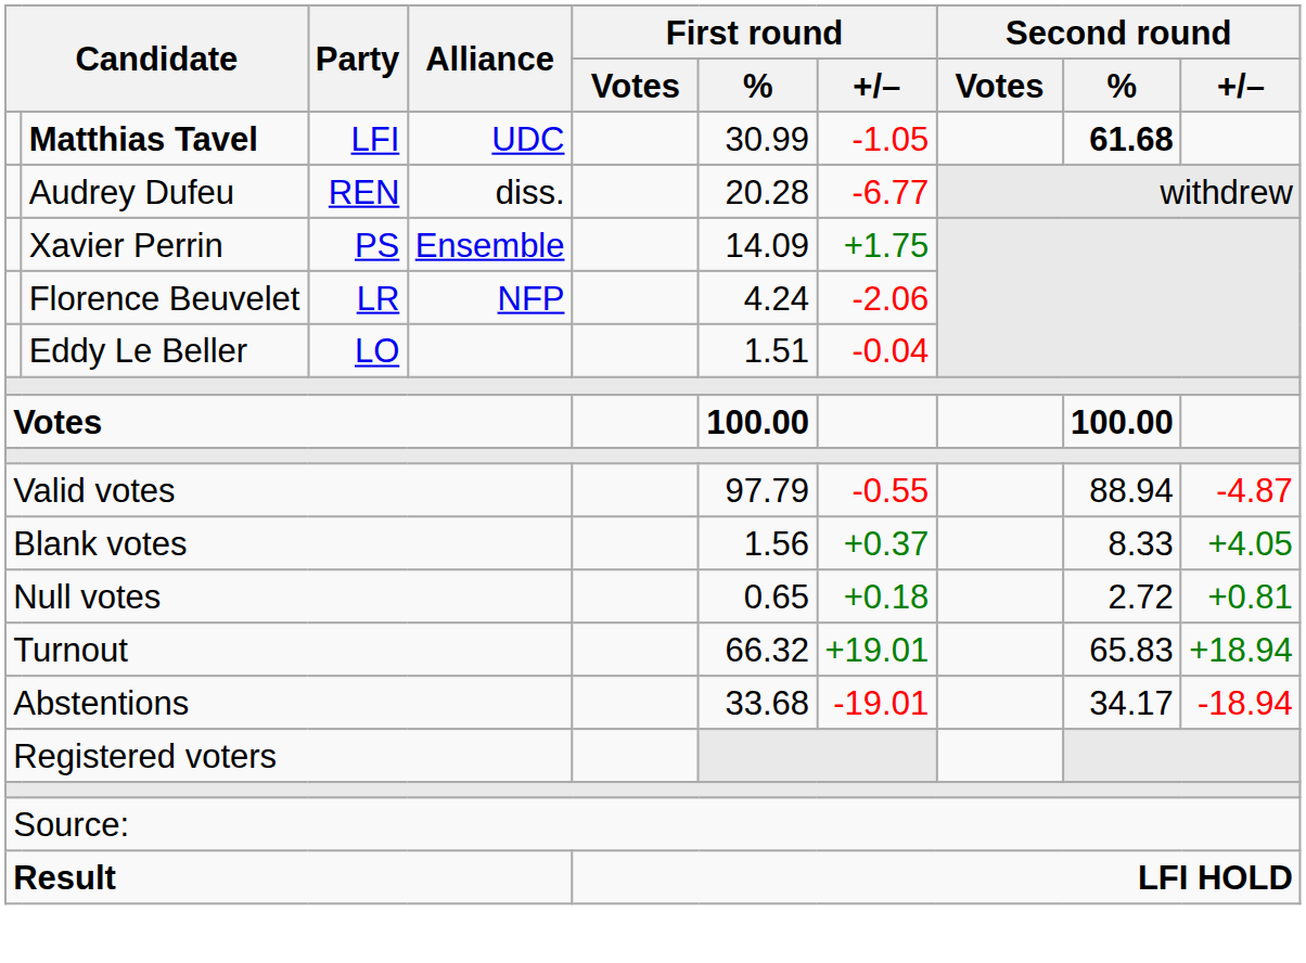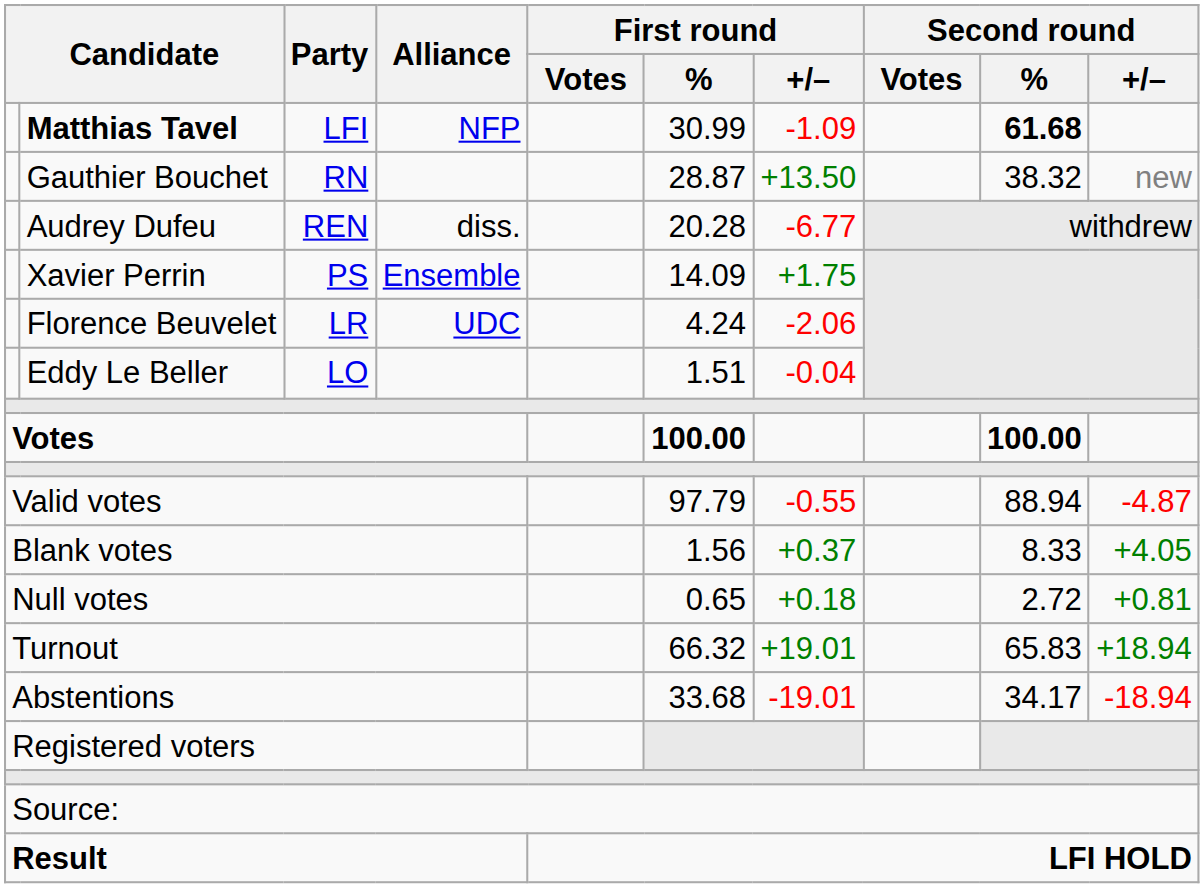 <table class="wikitable" style="text-align:right;font-size:95%;">
 <tr>
 <th rowspan="2" colspan="2">Candidate</th>
 <th colspan="1" rowspan="2">Party</th>
 <th colspan="1" rowspan="2">Alliance</th>
 <th colspan="3">First round</th>
 <th colspan="3">Second round</th>
 </tr>
 <tr>
 <th style="width:50px;">Votes</th>
 <th style="width:45px;">%</th>
 <th style="width:45px;">+/–</th>
 <th style="width:50px;">Votes</th>
 <th style="width:45px;">%</th>
 <th style="width:45px;">+/–</th>
 </tr>
 <tr>
 <td style="color:inherit;background:"></td>
 <td style="text-align:left;"><strong>Matthias Tavel</strong></td>
 <td><a href='#'>LFI</a></td>
-<td><a href='#'>UDC</a></td>
+<td><a href='#'>NFP</a></td>
 <td></td>
 <td>30.99</td>
-<td style="color:red;">-1.05</td>
+<td style="color:red;">-1.09</td>
 <td><strong></strong></td>
 <td><strong>61.68</strong></td>
 <td style="color:grey;"></td>
+</tr>
+<tr>
+<td style="color:inherit;background:"></td>
+<td style="text-align:left;">Gauthier Bouchet</td>
+<td><a href='#'>RN</a></td>
+<td></td>
+<td></td>
+<td>28.87</td>
+<td style="color:green;">+13.50</td>
+<td></td>
+<td>38.32</td>
+<td style="color:grey;">new</td>
 </tr>
 <tr>
 <td style="color:inherit;background:"></td>
 <td style="text-align:left;">Audrey Dufeu</td>
 <td><a href='#'>REN</a></td>
 <td>diss.</td>
 <td></td>
 <td>20.28</td>
 <td style="color:red;">-6.77</td>
 <td colspan="3" style="background:#E9E9E9;">withdrew</td>
 </tr>
 <tr>
 <td style="color:inherit;background:"></td>
 <td style="text-align:left;">Xavier Perrin</td>
 <td><a href='#'>PS</a></td>
 <td><a href='#'>Ensemble</a></td>
 <td></td>
 <td>14.09</td>
 <td style="color:green;">+1.75</td>
 <td colspan="3" rowspan="3" style="background:#E9E9E9;"></td>
 </tr>
 <tr>
 <td style="color:inherit;background:"></td>
 <td style="text-align:left;">Florence Beuvelet</td>
 <td><a href='#'>LR</a></td>
-<td><a href='#'>NFP</a></td>
+<td><a href='#'>UDC</a></td>
 <td></td>
 <td>4.24</td>
 <td style="color:red;">-2.06</td>
 </tr>
 <tr>
 <td style="color:inherit;background:"></td>
 <td style="text-align:left;">Eddy Le Beller</td>
 <td><a href='#'>LO</a></td>
 <td></td>
 <td></td>
 <td>1.51</td>
 <td style="color:red;">-0.04</td>
 </tr>
 <tr>
 <td colspan="10" style="background:#E9E9E9;"></td>
 </tr>
 <tr style="font-weight:bold;">
 <td colspan="4" style="text-align:left;">Votes</td>
 <td></td>
 <td>100.00</td>
 <td></td>
 <td></td>
 <td>100.00</td>
 <td></td>
 </tr>
 <tr>
 <td colspan="10" style="background:#E9E9E9;"></td>
 </tr>
 <tr>
 <td colspan="4" style="text-align:left;">Valid votes</td>
 <td></td>
 <td>97.79</td>
 <td style="color:red;">-0.55</td>
 <td></td>
 <td>88.94</td>
 <td style="color:red;">-4.87</td>
 </tr>
 <tr>
 <td colspan="4" style="text-align:left;">Blank votes</td>
 <td></td>
 <td>1.56</td>
 <td style="color:green;">+0.37</td>
 <td></td>
 <td>8.33</td>
 <td style="color:green;">+4.05</td>
 </tr>
 <tr>
 <td colspan="4" style="text-align:left;">Null votes</td>
 <td></td>
 <td>0.65</td>
 <td style="color:green;">+0.18</td>
 <td></td>
 <td>2.72</td>
 <td style="color:green;">+0.81</td>
 </tr>
 <tr>
 <td colspan="4" style="text-align:left;">Turnout</td>
 <td></td>
 <td>66.32</td>
 <td style="color:green;">+19.01</td>
 <td></td>
 <td>65.83</td>
 <td style="color:green;">+18.94</td>
 </tr>
 <tr>
 <td colspan="4" style="text-align:left;">Abstentions</td>
 <td></td>
 <td>33.68</td>
 <td style="color:red;">-19.01</td>
 <td></td>
 <td>34.17</td>
 <td style="color:red;">-18.94</td>
 </tr>
 <tr>
 <td colspan="4" style="text-align:left;">Registered voters</td>
 <td></td>
 <td colspan="2" style="background:#E9E9E9;"></td>
 <td></td>
 <td colspan="2" style="background:#E9E9E9;"></td>
 </tr>
 <tr>
 <td colspan="10" style="background:#E9E9E9;"></td>
 </tr>
 <tr>
 <td colspan="10" style="text-align:left;">Source: </td>
 </tr>
 <tr style="font-weight:bold">
 <td colspan="4" style="text-align:left;">Result</td>
 <td colspan="6" style="background-color:">LFI HOLD</td>
 </tr>
 </table>
